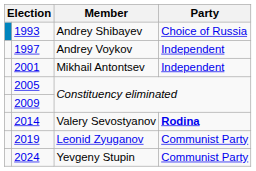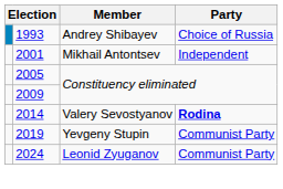 <table class="wikitable">
 <tr>
 <th colspan="2">Election</th>
 <th>Member</th>
 <th>Party</th>
 </tr>
 <tr>
 <td style="background-color:#0085BE"></td>
 <td><a href='#'>1993</a></td>
 <td>Andrey Shibayev</td>
 <td><a href='#'>Choice of Russia</a></td>
-</tr>
-<tr>
-<td style="background-color:"></td>
-<td><a href='#'>1997</a></td>
-<td>Andrey Voykov</td>
-<td><a href='#'>Independent</a></td>
 </tr>
 <tr>
 <td style="background-color:"></td>
 <td><a href='#'>2001</a></td>
 <td>Mikhail Antontsev</td>
 <td><a href='#'>Independent</a></td>
 </tr>
 <tr>
 <td style="background-color:"></td>
 <td><a href='#'>2005</a></td>
 <td colspan=2 rowspan=2><em>Constituency eliminated</em></td>
 </tr>
 <tr>
 <td style="background-color:"></td>
 <td><a href='#'>2009</a></td>
 </tr>
 <tr>
 <td style="background-color:"></td>
 <td><a href='#'>2014</a></td>
 <td>Valery Sevostyanov</td>
 <td><strong><a href='#'>Rodina</a></strong></td>
 </tr>
 <tr>
 <td style="background-color:"></td>
 <td><a href='#'>2019</a></td>
-<td><a href='#'>Leonid Zyuganov</a></td>
+<td>Yevgeny Stupin</td>
 <td><a href='#'>Communist Party</a></td>
 </tr>
 <tr>
 <td style="background-color:"></td>
 <td><a href='#'>2024</a></td>
-<td>Yevgeny Stupin</td>
+<td><a href='#'>Leonid Zyuganov</a></td>
 <td><a href='#'>Communist Party</a></td>
 </tr>
 </table>
